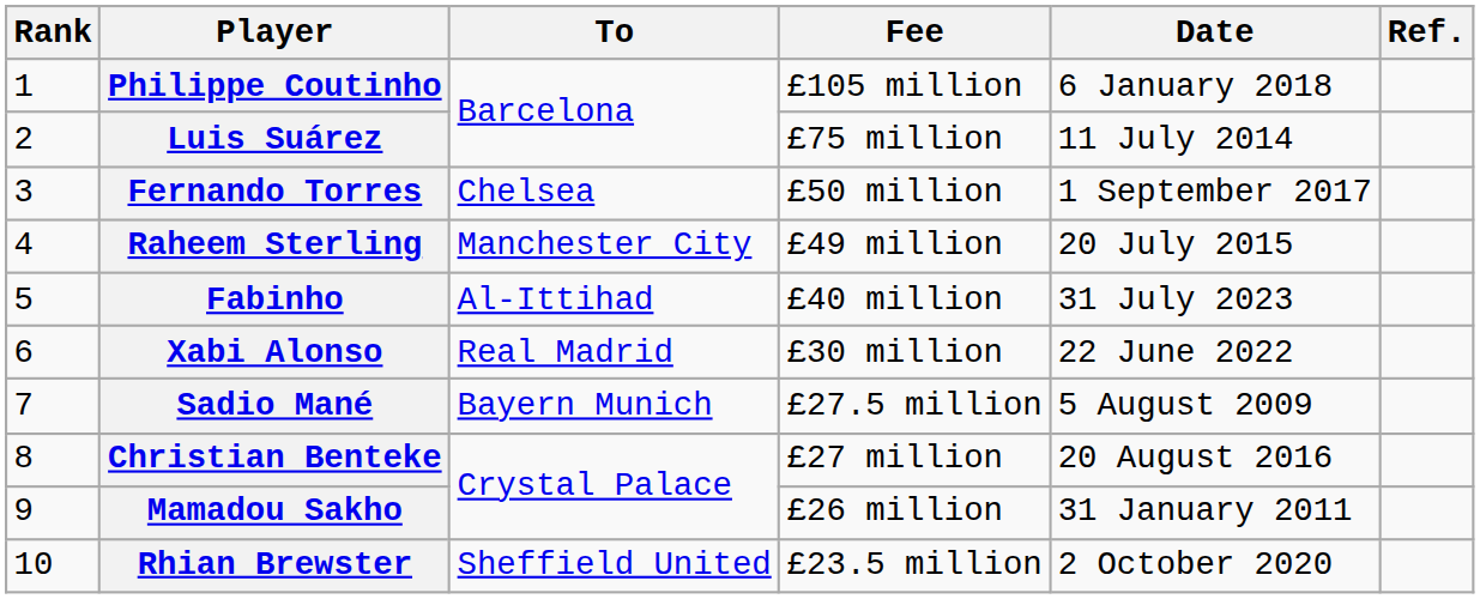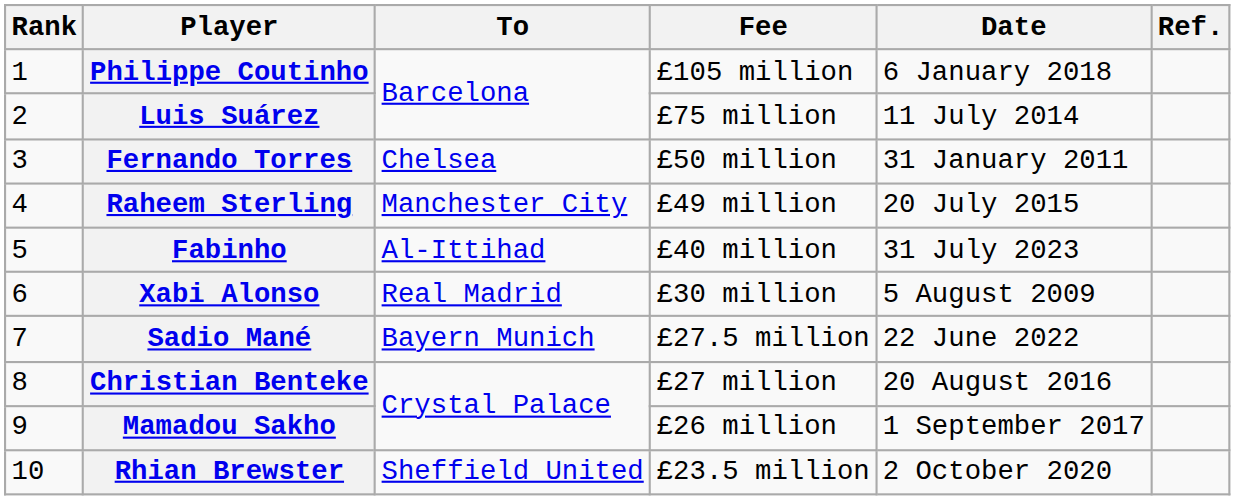 <table class="wikitable plainrowheaders">
 <tr>
 <th scope=col>Rank</th>
 <th scope=col>Player</th>
 <th scope=col>To</th>
 <th scope=col>Fee</th>
 <th scope=col>Date</th>
 <th scope=col>Ref.</th>
 </tr>
 <tr>
 <td>1</td>
 <th scope=row> <a href='#'>Philippe Coutinho</a></th>
 <td rowspan="2"> <a href='#'>Barcelona</a></td>
 <td>£105 million</td>
 <td>6 January 2018</td>
 <td></td>
 </tr>
 <tr>
 <td>2</td>
 <th scope=row> <a href='#'>Luis Suárez</a></th>
 <td>£75 million</td>
 <td>11 July 2014</td>
 <td></td>
 </tr>
 <tr>
 <td>3</td>
 <th scope=row> <a href='#'>Fernando Torres</a></th>
 <td> <a href='#'>Chelsea</a></td>
 <td>£50 million</td>
-<td>1 September 2017</td>
+<td>31 January 2011</td>
 <td></td>
 </tr>
 <tr>
 <td>4</td>
 <th scope=row> <a href='#'>Raheem Sterling</a></th>
 <td> <a href='#'>Manchester City</a></td>
 <td>£49 million</td>
 <td>20 July 2015</td>
 <td></td>
 </tr>
 <tr>
 <td>5</td>
 <th scope=row> <a href='#'>Fabinho</a></th>
 <td> <a href='#'>Al-Ittihad</a></td>
 <td>£40 million</td>
 <td>31 July 2023</td>
 <td></td>
 </tr>
 <tr>
 <td>6</td>
 <th scope=row> <a href='#'>Xabi Alonso</a></th>
 <td> <a href='#'>Real Madrid</a></td>
 <td>£30 million</td>
-<td>22 June 2022</td>
+<td>5 August 2009</td>
 <td></td>
 </tr>
 <tr>
 <td>7</td>
 <th scope=row> <a href='#'>Sadio Mané</a></th>
 <td> <a href='#'>Bayern Munich</a></td>
 <td>£27.5 million</td>
-<td>5 August 2009</td>
+<td>22 June 2022</td>
 <td></td>
 </tr>
 <tr>
 <td>8</td>
 <th scope=row> <a href='#'>Christian Benteke</a></th>
 <td rowspan="2"> <a href='#'>Crystal Palace</a></td>
 <td>£27 million</td>
 <td>20 August 2016</td>
 <td></td>
 </tr>
 <tr>
 <td>9</td>
 <th scope=row> <a href='#'>Mamadou Sakho</a></th>
 <td>£26 million</td>
-<td>31 January 2011</td>
+<td>1 September 2017</td>
 <td></td>
 </tr>
 <tr>
 <td>10</td>
 <th scope=row> <a href='#'>Rhian Brewster</a></th>
 <td rowspan="2"> <a href='#'>Sheffield United</a></td>
 <td>£23.5 million</td>
 <td>2 October 2020</td>
 <td></td>
 </tr>
 </table>
